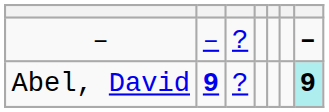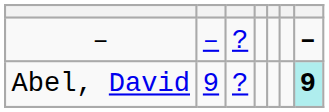 <table class="wikitable" style="text-align:center;">
 <tr>
 <th></th>
 <th></th>
 <th></th>
 <th></th>
 <th></th>
 <th></th>
 <th></th>
 </tr>
 <tr>
 <td>–</td>
 <td><a href='#'>–</a></td>
 <td><a href='#'>?</a></td>
 <td></td>
 <td></td>
 <td></td>
 <td><strong>–</strong></td>
 </tr>
 <tr>
 <td>Abel, <a href='#'>David</a></td>
-<td><strong><a href='#'>9</a></strong></td>
+<td><a href='#'>9</a></td>
 <td><a href='#'>?</a></td>
 <td></td>
 <td></td>
 <td></td>
 <td style="background: paleturquoise;"><strong>9</strong></td>
 </tr>
 </table>
